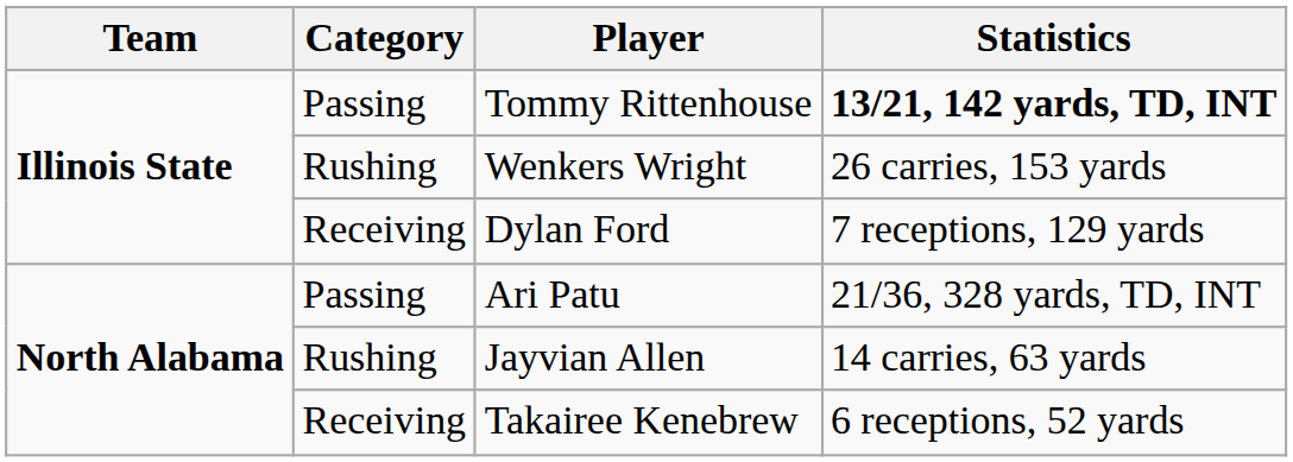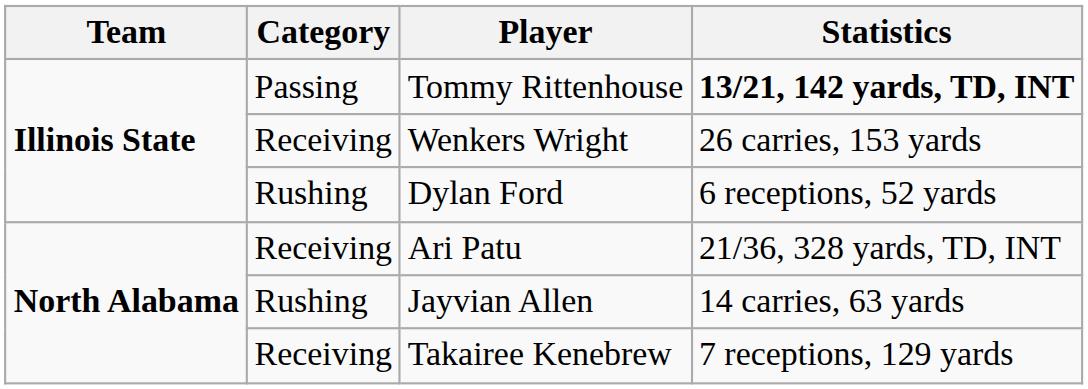 <table class="wikitable" style="float: right;">
 <tr>
 <th>Team</th>
 <th>Category</th>
 <th>Player</th>
 <th>Statistics</th>
 </tr>
 <tr>
 <td rowspan=3><strong>Illinois State</strong></td>
 <td>Passing</td>
 <td>Tommy Rittenhouse</td>
 <td><strong>13/21, 142 yards, TD, INT</strong></td>
 </tr>
 <tr>
-<td>Rushing</td>
+<td>Receiving</td>
 <td>Wenkers Wright</td>
 <td>26 carries, 153 yards</td>
 </tr>
 <tr>
-<td>Receiving</td>
+<td>Rushing</td>
 <td>Dylan Ford</td>
-<td>7 receptions, 129 yards</td>
+<td>6 receptions, 52 yards</td>
 </tr>
 <tr>
 <td rowspan=3><strong>North Alabama</strong></td>
-<td>Passing</td>
+<td>Receiving</td>
 <td>Ari Patu</td>
 <td>21/36, 328 yards, TD, INT</td>
 </tr>
 <tr>
 <td>Rushing</td>
 <td>Jayvian Allen</td>
 <td>14 carries, 63 yards</td>
 </tr>
 <tr>
 <td>Receiving</td>
 <td>Takairee Kenebrew</td>
-<td>6 receptions, 52 yards</td>
+<td>7 receptions, 129 yards</td>
 </tr>
 </table>
